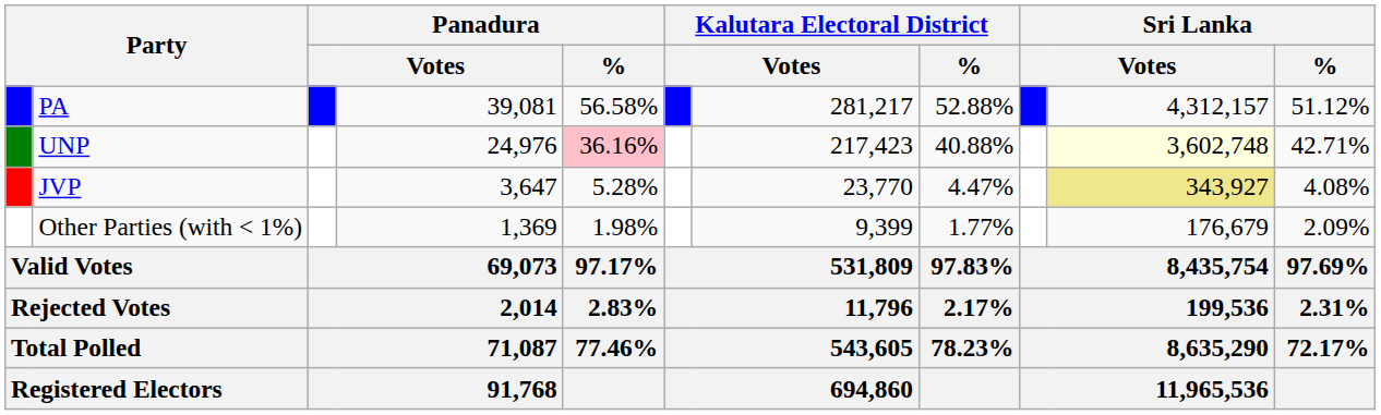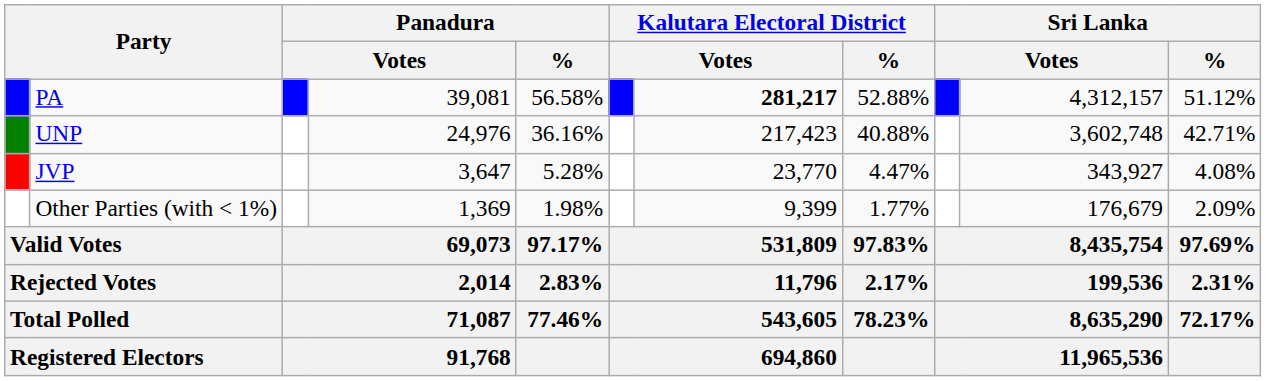 <table class="wikitable">
 <tr>
 <th colspan="2" width="144px"rowspan="2">Party</th>
 <th colspan="3" width="216px">Panadura</th>
 <th colspan="3" width="216px"><a href='#'>Kalutara Electoral District</a></th>
 <th colspan="3" width="216px">Sri Lanka</th>
 </tr>
 <tr>
 <th colspan="2" width="144px">Votes</th>
 <th>%</th>
 <th colspan="2" width="144px">Votes</th>
 <th>%</th>
 <th colspan="2" width="144px">Votes</th>
 <th>%</th>
 </tr>
 <tr>
 <td style="background-color:blue;" width="10px"></td>
 <td style="text-align:left;"><a href='#'>PA</a></td>
 <td style="background-color:blue;" width="10px"></td>
 <td style="text-align:right;">39,081</td>
 <td style="text-align:right;">56.58%</td>
 <td style="background-color:blue;" width="10px"></td>
-<td style="text-align:right;">281,217</td>
+<td style="text-align:right;"><strong>281,217</strong></td>
 <td style="text-align:right;">52.88%</td>
 <td style="background-color:blue;" width="10px"></td>
 <td style="text-align:right;">4,312,157</td>
 <td style="text-align:right;">51.12%</td>
 </tr>
 <tr>
 <td style="background-color:green;" width="10px"></td>
 <td style="text-align:left;"><a href='#'>UNP</a></td>
 <td style="background-color:white;" width="10px"></td>
 <td style="text-align:right;">24,976</td>
-<td style="background: pink; text-align:right;">36.16%</td>
+<td style="text-align:right;">36.16%</td>
 <td style="background-color:white;" width="10px"></td>
 <td style="text-align:right;">217,423</td>
 <td style="text-align:right;">40.88%</td>
 <td style="background-color:white;" width="10px"></td>
-<td style="background: lightyellow; text-align:right;">3,602,748</td>
+<td style="text-align:right;">3,602,748</td>
 <td style="text-align:right;">42.71%</td>
 </tr>
 <tr>
 <td style="background-color:red;" width="10px"></td>
 <td style="text-align:left;"><a href='#'>JVP</a></td>
 <td style="background-color:white;" width="10px"></td>
 <td style="text-align:right;">3,647</td>
 <td style="text-align:right;">5.28%</td>
 <td style="background-color:white;" width="10px"></td>
 <td style="text-align:right;">23,770</td>
 <td style="text-align:right;">4.47%</td>
 <td style="background-color:white;" width="10px"></td>
-<td style="background: khaki; text-align:right;">343,927</td>
+<td style="text-align:right;">343,927</td>
 <td style="text-align:right;">4.08%</td>
 </tr>
 <tr>
 <td style="background-color:white;" width="10px"></td>
 <td style="text-align:left;">Other Parties (with < 1%)</td>
 <td style="background-color:white;" width="10px"></td>
 <td style="text-align:right;">1,369</td>
 <td style="text-align:right;">1.98%</td>
 <td style="background-color:white;" width="10px"></td>
 <td style="text-align:right;">9,399</td>
 <td style="text-align:right;">1.77%</td>
 <td style="background-color:white;" width="10px"></td>
 <td style="text-align:right;">176,679</td>
 <td style="text-align:right;">2.09%</td>
 </tr>
 <tr>
 <th colspan="2" width="144px"style="text-align:left;">Valid Votes</th>
 <th style="text-align:right;"colspan="2" width="144px">69,073</th>
 <th style="text-align:right;">97.17%</th>
 <th style="text-align:right;"colspan="2" width="144px">531,809</th>
 <th style="text-align:right;">97.83%</th>
 <th style="text-align:right;"colspan="2" width="144px">8,435,754</th>
 <th style="text-align:right;">97.69%</th>
 </tr>
 <tr>
 <th colspan="2" width="144px"style="text-align:left;">Rejected Votes</th>
 <th style="text-align:right;"colspan="2" width="144px">2,014</th>
 <th style="text-align:right;">2.83%</th>
 <th style="text-align:right;"colspan="2" width="144px">11,796</th>
 <th style="text-align:right;">2.17%</th>
 <th style="text-align:right;"colspan="2" width="144px">199,536</th>
 <th style="text-align:right;">2.31%</th>
 </tr>
 <tr>
 <th colspan="2" width="144px"style="text-align:left;">Total Polled</th>
 <th style="text-align:right;"colspan="2" width="144px">71,087</th>
 <th style="text-align:right;">77.46%</th>
 <th style="text-align:right;"colspan="2" width="144px">543,605</th>
 <th style="text-align:right;">78.23%</th>
 <th style="text-align:right;"colspan="2" width="144px">8,635,290</th>
 <th style="text-align:right;">72.17%</th>
 </tr>
 <tr>
 <th colspan="2" width="144px"style="text-align:left;">Registered Electors</th>
 <th style="text-align:right;"colspan="2" width="144px">91,768</th>
 <th></th>
 <th style="text-align:right;"colspan="2" width="144px">694,860</th>
 <th></th>
 <th style="text-align:right;"colspan="2" width="144px">11,965,536</th>
 <th></th>
 </tr>
 </table>
